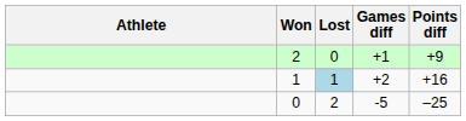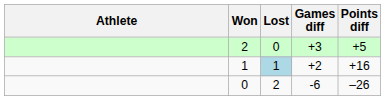 <table class="wikitable">
 <tr>
 <th style="width:18em">Athlete</th>
 <th>Won</th>
 <th>Lost</th>
 <th>Games<br>diff</th>
 <th>Points<br>diff</th>
 </tr>
 <tr bgcolor="#ccffcc">
 <td></td>
 <td align="center">2</td>
 <td align="center">0</td>
-<td align="center">+1</td>
-<td align="center">+9</td>
+<td align="center">+3</td>
+<td align="center">+5</td>
 </tr>
 <tr>
 <td></td>
 <td align="center">1</td>
 <td align="center" style="background: lightblue;">1</td>
 <td align="center">+2</td>
 <td align="center">+16</td>
 </tr>
 <tr>
 <td></td>
 <td align="center">0</td>
 <td align="center">2</td>
-<td align="center">-5</td>
-<td align="center">–25</td>
+<td align="center">-6</td>
+<td align="center">–26</td>
 </tr>
 </table>
